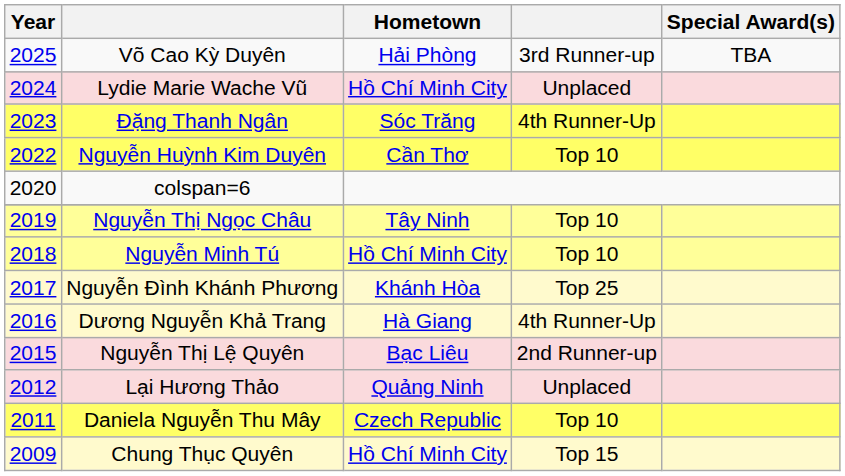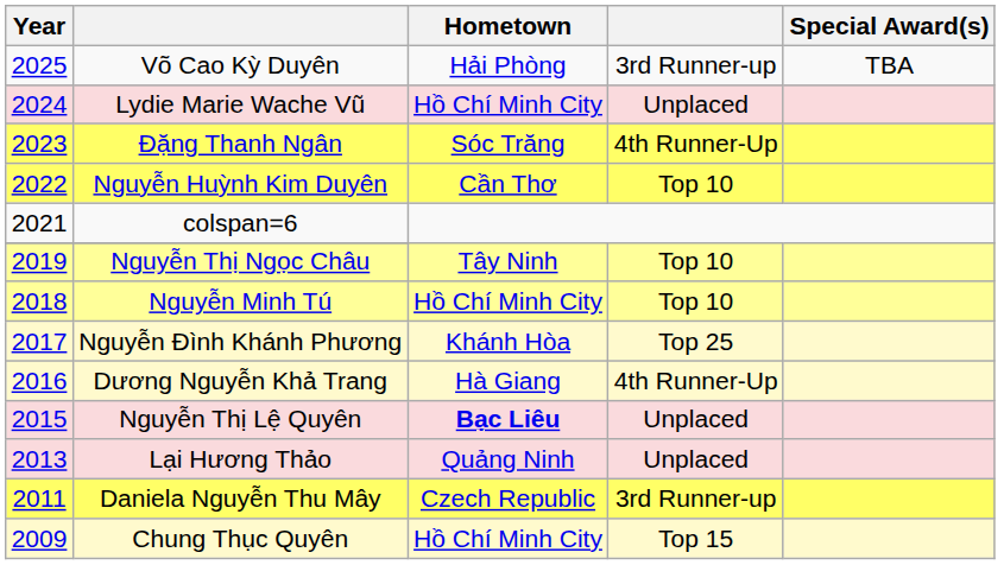 <table class="wikitable " style="font-size: 90%; text-align:center;">
 <tr>
 <th>Year</th>
 <th></th>
 <th>Hometown</th>
 <th></th>
 <th>Special Award(s)</th>
 </tr>
 <tr>
 <td><a href='#'>2025</a></td>
 <td>Võ Cao Kỳ Duyên</td>
 <td><a href='#'>Hải Phòng</a></td>
 <td>3rd Runner-up</td>
 <td>TBA</td>
 </tr>
 <tr style="background-color:#FADADD">
 <td><a href='#'>2024</a></td>
 <td>Lydie Marie Wache Vũ</td>
 <td><a href='#'>Hồ Chí Minh City</a></td>
 <td>Unplaced</td>
 <td style="background:;"></td>
 </tr>
 <tr style="background-color:#FFFF66; : bold">
 <td><a href='#'>2023</a></td>
 <td><a href='#'>Đặng Thanh Ngân</a></td>
 <td><a href='#'>Sóc Trăng</a></td>
 <td>4th Runner-Up</td>
 <td style="background:;"></td>
 </tr>
 <tr style="background-color:#FFFF66; : bold">
 <td><a href='#'>2022</a></td>
 <td><a href='#'>Nguyễn Huỳnh Kim Duyên</a></td>
 <td><a href='#'>Cần Thơ</a></td>
 <td>Top 10</td>
 <td style="background:;"></td>
 </tr>
 <tr>
-<td>2020</td>
+<td>2021</td>
 <td>colspan=6 </td>
 </tr>
 <tr>
 </tr>
 <tr style="background-color:#FFFF99; : bold">
 <td><a href='#'>2019</a></td>
 <td><a href='#'>Nguyễn Thị Ngọc Châu</a></td>
 <td><a href='#'>Tây Ninh</a></td>
 <td>Top 10</td>
 <td style="background:;"></td>
 </tr>
 <tr style="background-color:#FFFF99; : bold">
 <td><a href='#'>2018</a></td>
 <td><a href='#'>Nguyễn Minh Tú</a></td>
 <td><a href='#'>Hồ Chí Minh City</a></td>
 <td>Top 10</td>
 <td style="background:;"></td>
 </tr>
 <tr style="background-color:#FFFACD; : bold">
 <td><a href='#'>2017</a></td>
 <td>Nguyễn Đình Khánh Phương</td>
 <td><a href='#'>Khánh Hòa</a></td>
 <td>Top 25</td>
 <td style="background:;"></td>
 </tr>
 <tr style="background-color:#FFFACD; : bold">
 <td><a href='#'>2016</a></td>
 <td>Dương Nguyễn Khả Trang</td>
 <td><a href='#'>Hà Giang</a></td>
 <td>4th Runner-Up</td>
 <td style="background:;"></td>
 </tr>
 <tr style="background-color:#FADADD;">
 <td><a href='#'>2015</a></td>
 <td>Nguyễn Thị Lệ Quyên</td>
-<td><a href='#'>Bạc Liêu</a></td>
-<td>2nd Runner-up</td>
+<td><strong><a href='#'>Bạc Liêu</a></strong></td>
+<td>Unplaced</td>
 <td style="background:;"></td>
 </tr>
 <tr style="background-color:#FADADD;">
-<td><a href='#'>2012</a></td>
+<td><a href='#'>2013</a></td>
 <td>Lại Hương Thảo</td>
 <td><a href='#'>Quảng Ninh</a></td>
 <td>Unplaced</td>
 <td style="background:;"></td>
 </tr>
 <tr style="background-color:#FFFF66; : bold">
 <td><a href='#'>2011</a></td>
 <td>Daniela Nguyễn Thu Mây</td>
 <td><a href='#'>Czech Republic</a></td>
-<td>Top 10</td>
+<td>3rd Runner-up</td>
 <td style="background:;"></td>
 </tr>
 <tr style="background-color:#FFFACD; : bold">
 <td><a href='#'>2009</a></td>
 <td>Chung Thục Quyên</td>
 <td><a href='#'>Hồ Chí Minh City</a></td>
 <td>Top 15</td>
 <td style="background:;"></td>
 </tr>
 </table>
